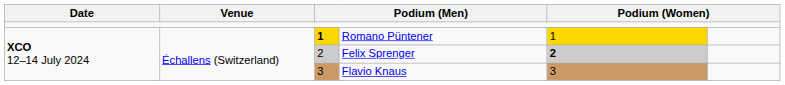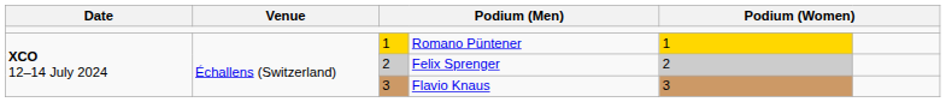 <table class="wikitable" width=70%>
 <tr>
 <th>Date</th>
 <th width=20%>Venue</th>
 <th colspan=2 width=30%>Podium (Men)</th>
 <th colspan=2 width=30%>Podium (Women)</th>
 </tr>
 <tr>
 <td colspan=6></td>
 </tr>
 <tr>
 <td rowspan=3><strong>XCO</strong> <br> 12–14 July 2024</td>
 <td rowspan=3><br><a href='#'>Échallens</a> (Switzerland)</td>
-<td bgcolor=FFD700><strong>1</strong></td>
+<td bgcolor=FFD700>1</td>
 <td><a href='#'>Romano Püntener</a></td>
 <td bgcolor=FFD700>1</td>
 <td></td>
 </tr>
 <tr>
 <td bgcolor=CCCCCC>2</td>
 <td><a href='#'>Felix Sprenger</a></td>
-<td bgcolor=CCCCCC><strong>2</strong></td>
+<td bgcolor=CCCCCC>2</td>
 <td></td>
 </tr>
 <tr>
 <td bgcolor=CC9966>3</td>
 <td><a href='#'>Flavio Knaus</a></td>
 <td bgcolor=CC9966>3</td>
 <td></td>
 </tr>
 </table>
